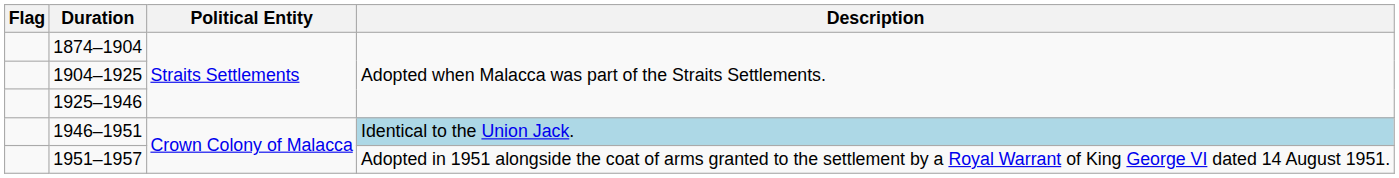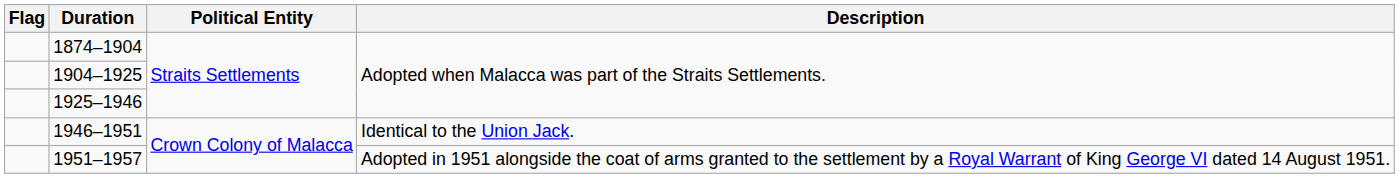 <table class="wikitable">
 <tr>
 <th>Flag</th>
 <th>Duration</th>
 <th>Political Entity</th>
 <th>Description</th>
 </tr>
 <tr>
 <td></td>
 <td>1874–1904</td>
 <td rowspan=3><a href='#'>Straits Settlements</a></td>
 <td rowspan=3>Adopted when Malacca was part of the Straits Settlements.</td>
 </tr>
 <tr>
 <td></td>
 <td>1904–1925</td>
 </tr>
 <tr>
 <td></td>
 <td>1925–1946</td>
 </tr>
 <tr>
 <td></td>
 <td>1946–1951</td>
 <td rowspan=2><a href='#'>Crown Colony of Malacca</a></td>
-<td style="background: lightblue;">Identical to the <a href='#'>Union Jack</a>.</td>
+<td>Identical to the <a href='#'>Union Jack</a>.</td>
 </tr>
 <tr>
 <td></td>
 <td>1951–1957</td>
 <td>Adopted in 1951 alongside the coat of arms granted to the settlement by a <a href='#'>Royal Warrant</a> of King <a href='#'>George VI</a> dated 14 August 1951.</td>
 </tr>
 </table>
